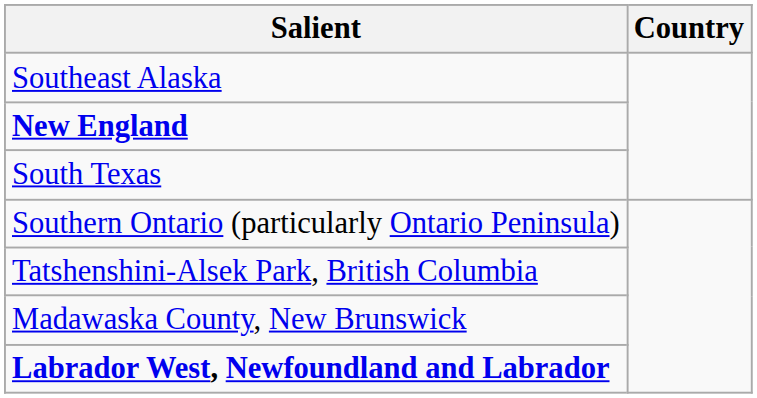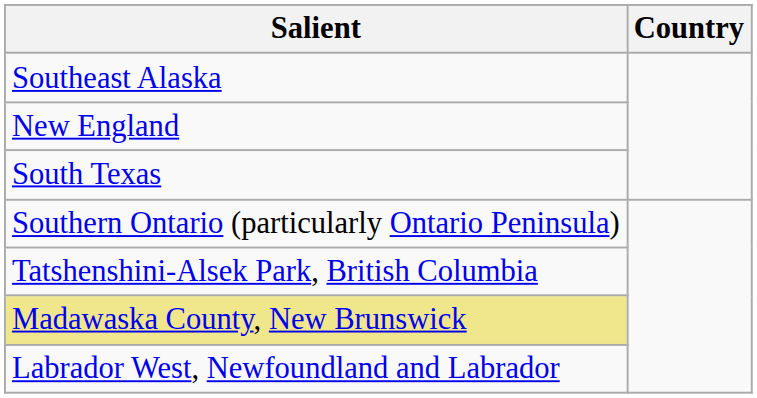 <table class="wikitable sortable">
 <tr>
 <th>Salient</th>
 <th>Country</th>
 </tr>
 <tr>
 <td><a href='#'>Southeast Alaska</a></td>
 <td rowspan="3"></td>
 </tr>
 <tr>
-<td><strong><a href='#'>New England</a></strong></td>
+<td><a href='#'>New England</a></td>
 </tr>
 <tr>
 <td><a href='#'>South Texas</a></td>
 </tr>
 <tr>
 <td><a href='#'>Southern Ontario</a> (particularly <a href='#'>Ontario Peninsula</a>)</td>
 <td rowspan="4"></td>
 </tr>
 <tr>
 <td><a href='#'>Tatshenshini-Alsek Park</a>, <a href='#'>British Columbia</a></td>
 </tr>
 <tr>
-<td><a href='#'>Madawaska County</a>, <a href='#'>New Brunswick</a></td>
+<td style="background: khaki;"><a href='#'>Madawaska County</a>, <a href='#'>New Brunswick</a></td>
 </tr>
 <tr>
-<td><strong><a href='#'>Labrador West</a>, <a href='#'>Newfoundland and Labrador</a></strong></td>
+<td><a href='#'>Labrador West</a>, <a href='#'>Newfoundland and Labrador</a></td>
 </tr>
 </table>
